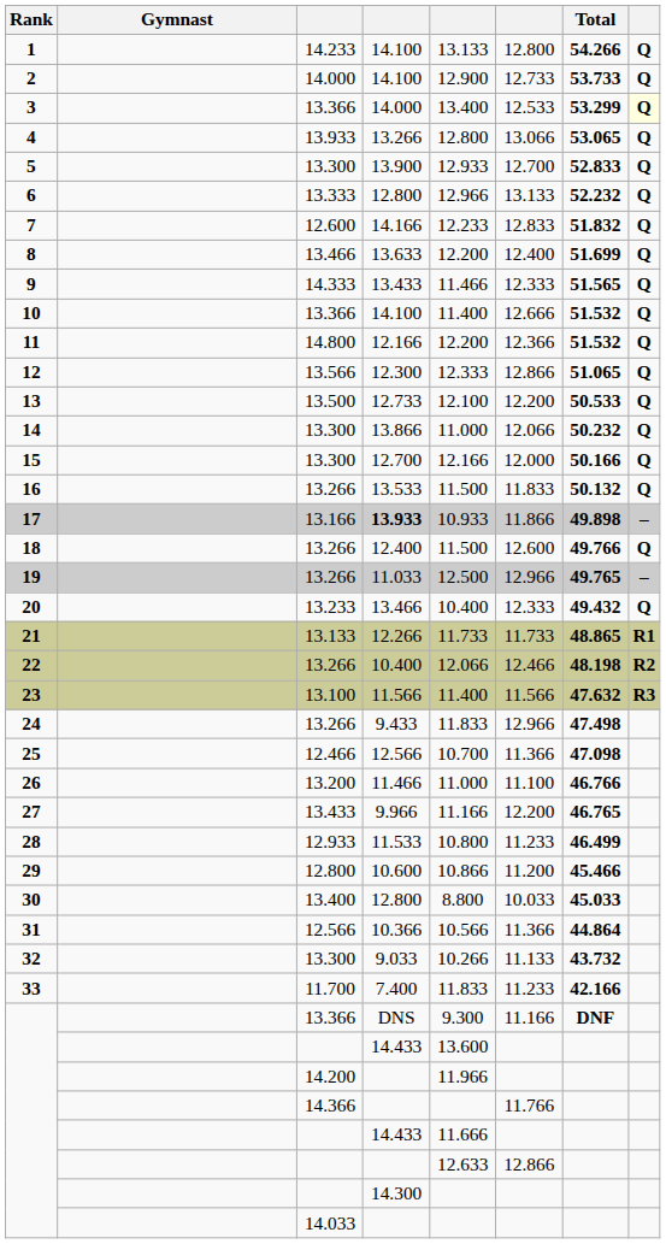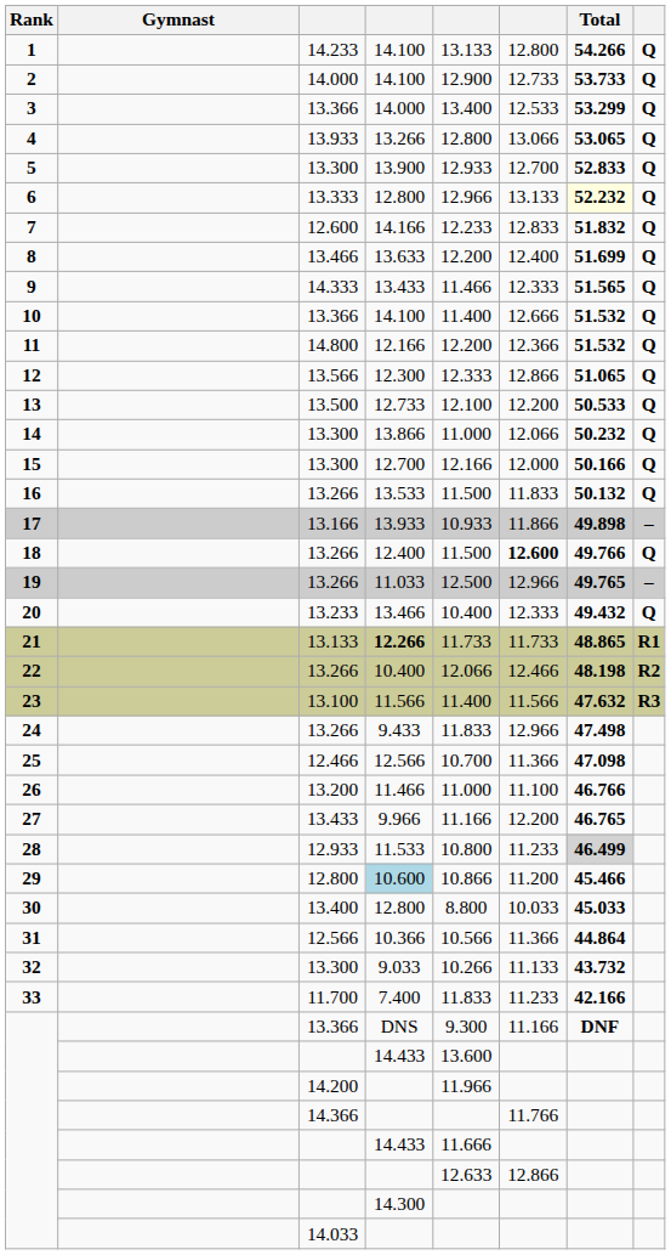 <table class="wikitable sortable" style="text-align:center; font-size:100%">
 <tr>
 <th scope="col" style="width:15px;">Rank</th>
 <th scope="col" style="width:200px;">Gymnast</th>
 <th scope="col" style="width:50px;"></th>
 <th scope="col" style="width:50px;"></th>
 <th scope="col" style="width:50px;"></th>
 <th scope="col" style="width:50px;"></th>
 <th scope="col" style="width:50px;">Total</th>
 <th scope="col" style="width:15px;"></th>
 </tr>
 <tr>
 <td scope="row" style="text-align:center;"><strong>1</strong></td>
 <td style="text-align:left;"></td>
 <td>14.233</td>
 <td>14.100</td>
 <td>13.133</td>
 <td>12.800</td>
 <td><strong>54.266</strong></td>
 <td><strong>Q</strong></td>
 </tr>
 <tr>
 <td scope="row" style="text-align:center;"><strong>2</strong></td>
 <td style="text-align:left;"></td>
 <td>14.000</td>
 <td>14.100</td>
 <td>12.900</td>
 <td>12.733</td>
 <td><strong>53.733</strong></td>
 <td><strong>Q</strong></td>
 </tr>
 <tr>
 <td scope="row" style="text-align:center;"><strong>3</strong></td>
 <td style="text-align:left;"></td>
 <td>13.366</td>
 <td>14.000</td>
 <td>13.400</td>
 <td>12.533</td>
 <td><strong>53.299</strong></td>
-<td style="background: lightyellow;"><strong>Q</strong></td>
+<td><strong>Q</strong></td>
 </tr>
 <tr>
 <td scope="row" style="text-align:center;"><strong>4</strong></td>
 <td style="text-align:left;"></td>
 <td>13.933</td>
 <td>13.266</td>
 <td>12.800</td>
 <td>13.066</td>
 <td><strong>53.065</strong></td>
 <td><strong>Q</strong></td>
 </tr>
 <tr>
 <td scope="row" style="text-align:center;"><strong>5</strong></td>
 <td style="text-align:left;"></td>
 <td>13.300</td>
 <td>13.900</td>
 <td>12.933</td>
 <td>12.700</td>
 <td><strong>52.833</strong></td>
 <td><strong>Q</strong></td>
 </tr>
 <tr>
 <td scope="row" style="text-align:center;"><strong>6</strong></td>
 <td style="text-align:left;"></td>
 <td>13.333</td>
 <td>12.800</td>
 <td>12.966</td>
 <td>13.133</td>
-<td><strong>52.232</strong></td>
+<td style="background: lightyellow;"><strong>52.232</strong></td>
 <td><strong>Q</strong></td>
 </tr>
 <tr>
 <td scope="row" style="text-align:center;"><strong>7</strong></td>
 <td style="text-align:left;"></td>
 <td>12.600</td>
 <td>14.166</td>
 <td>12.233</td>
 <td>12.833</td>
 <td><strong>51.832</strong></td>
 <td><strong>Q</strong></td>
 </tr>
 <tr>
 <td scope="row" style="text-align:center;"><strong>8</strong></td>
 <td style="text-align:left;"></td>
 <td>13.466</td>
 <td>13.633</td>
 <td>12.200</td>
 <td>12.400</td>
 <td><strong>51.699</strong></td>
 <td><strong>Q</strong></td>
 </tr>
 <tr>
 <td scope="row" style="text-align:center;"><strong>9</strong></td>
 <td style="text-align:left;"></td>
 <td>14.333</td>
 <td>13.433</td>
 <td>11.466</td>
 <td>12.333</td>
 <td><strong>51.565</strong></td>
 <td><strong>Q</strong></td>
 </tr>
 <tr>
 <td scope="row" style="text-align:center;"><strong>10</strong></td>
 <td style="text-align:left;"></td>
 <td>13.366</td>
 <td>14.100</td>
 <td>11.400</td>
 <td>12.666</td>
 <td><strong>51.532</strong></td>
 <td><strong>Q</strong></td>
 </tr>
 <tr>
 <td scope="row" style="text-align:center;"><strong>11</strong></td>
 <td style="text-align:left;"></td>
 <td>14.800</td>
 <td>12.166</td>
 <td>12.200</td>
 <td>12.366</td>
 <td><strong>51.532</strong></td>
 <td><strong>Q</strong></td>
 </tr>
 <tr>
 <td scope="row" style="text-align:center;"><strong>12</strong></td>
 <td style="text-align:left;"></td>
 <td>13.566</td>
 <td>12.300</td>
 <td>12.333</td>
 <td>12.866</td>
 <td><strong>51.065</strong></td>
 <td><strong>Q</strong></td>
 </tr>
 <tr>
 <td scope="row" style="text-align:center;"><strong>13</strong></td>
 <td style="text-align:left;"></td>
 <td>13.500</td>
 <td>12.733</td>
 <td>12.100</td>
 <td>12.200</td>
 <td><strong>50.533</strong></td>
 <td><strong>Q</strong></td>
 </tr>
 <tr>
 <td scope="row" style="text-align:center;"><strong>14</strong></td>
 <td style="text-align:left;"></td>
 <td>13.300</td>
 <td>13.866</td>
 <td>11.000</td>
 <td>12.066</td>
 <td><strong>50.232</strong></td>
 <td><strong>Q</strong></td>
 </tr>
 <tr>
 <td scope="row" style="text-align:center;"><strong>15</strong></td>
 <td style="text-align:left;"></td>
 <td>13.300</td>
 <td>12.700</td>
 <td>12.166</td>
 <td>12.000</td>
 <td><strong>50.166</strong></td>
 <td><strong>Q</strong></td>
 </tr>
 <tr>
 <td scope="row" style="text-align:center;"><strong>16</strong></td>
 <td style="text-align:left;"></td>
 <td>13.266</td>
 <td>13.533</td>
 <td>11.500</td>
 <td>11.833</td>
 <td><strong>50.132</strong></td>
 <td><strong>Q</strong></td>
 </tr>
 <tr style="background:#cccccc;">
 <td scope="row" style="text-align:center;"><strong>17</strong></td>
 <td style="text-align:left;"></td>
 <td>13.166</td>
-<td><strong>13.933</strong></td>
+<td>13.933</td>
 <td>10.933</td>
 <td>11.866</td>
 <td><strong>49.898</strong></td>
 <td><strong>–</strong></td>
 </tr>
 <tr>
 <td scope="row" style="text-align:center;"><strong>18</strong></td>
 <td style="text-align:left;"></td>
 <td>13.266</td>
 <td>12.400</td>
 <td>11.500</td>
-<td>12.600</td>
+<td><strong>12.600</strong></td>
 <td><strong>49.766</strong></td>
 <td><strong>Q</strong></td>
 </tr>
 <tr style="background:#cccccc;">
 <td scope="row" style="text-align:center;"><strong>19</strong></td>
 <td style="text-align:left;"></td>
 <td>13.266</td>
 <td>11.033</td>
 <td>12.500</td>
 <td>12.966</td>
 <td><strong>49.765</strong></td>
 <td><strong>–</strong></td>
 </tr>
 <tr>
 <td scope="row" style="text-align:center;"><strong>20</strong></td>
 <td style="text-align:left;"></td>
 <td>13.233</td>
 <td>13.466</td>
 <td>10.400</td>
 <td>12.333</td>
 <td><strong>49.432</strong></td>
 <td><strong>Q</strong></td>
 </tr>
 <tr style="background:#cccc99;">
 <td scope="row" style="text-align:center;"><strong>21</strong></td>
 <td style="text-align:left;"></td>
 <td>13.133</td>
-<td>12.266</td>
+<td><strong>12.266</strong></td>
 <td>11.733</td>
 <td>11.733</td>
 <td><strong>48.865</strong></td>
 <td><strong>R1</strong></td>
 </tr>
 <tr style="background:#cccc99;">
 <td scope="row" style="text-align:center;"><strong>22</strong></td>
 <td style="text-align:left;"></td>
 <td>13.266</td>
 <td>10.400</td>
 <td>12.066</td>
 <td>12.466</td>
 <td><strong>48.198</strong></td>
 <td><strong>R2</strong></td>
 </tr>
 <tr style="background:#cccc99;">
 <td scope="row" style="text-align:center;"><strong>23</strong></td>
 <td style="text-align:left;"></td>
 <td>13.100</td>
 <td>11.566</td>
 <td>11.400</td>
 <td>11.566</td>
 <td><strong>47.632</strong></td>
 <td><strong>R3</strong></td>
 </tr>
 <tr>
 <td scope="row" style="text-align:center;"><strong>24</strong></td>
 <td style="text-align:left;"></td>
 <td>13.266</td>
 <td>9.433</td>
 <td>11.833</td>
 <td>12.966</td>
 <td><strong>47.498</strong></td>
 <td></td>
 </tr>
 <tr>
 <td scope="row" style="text-align:center;"><strong>25</strong></td>
 <td style="text-align:left;"></td>
 <td>12.466</td>
 <td>12.566</td>
 <td>10.700</td>
 <td>11.366</td>
 <td><strong>47.098</strong></td>
 <td></td>
 </tr>
 <tr>
 <td scope="row" style="text-align:center;"><strong>26</strong></td>
 <td style="text-align:left;"></td>
 <td>13.200</td>
 <td>11.466</td>
 <td>11.000</td>
 <td>11.100</td>
 <td><strong>46.766</strong></td>
 <td></td>
 </tr>
 <tr>
 <td scope="row" style="text-align:center;"><strong>27</strong></td>
 <td style="text-align:left;"></td>
 <td>13.433</td>
 <td>9.966</td>
 <td>11.166</td>
 <td>12.200</td>
 <td><strong>46.765</strong></td>
 <td></td>
 </tr>
 <tr>
 <td scope="row" style="text-align:center;"><strong>28</strong></td>
 <td style="text-align:left;"></td>
 <td>12.933</td>
 <td>11.533</td>
 <td>10.800</td>
 <td>11.233</td>
-<td><strong>46.499</strong></td>
+<td style="background: lightgrey;"><strong>46.499</strong></td>
 <td></td>
 </tr>
 <tr>
 <td scope="row" style="text-align:center;"><strong>29</strong></td>
 <td style="text-align:left;"></td>
 <td>12.800</td>
-<td>10.600</td>
+<td style="background: lightblue;">10.600</td>
 <td>10.866</td>
 <td>11.200</td>
 <td><strong>45.466</strong></td>
 <td></td>
 </tr>
 <tr>
 <td scope="row" style="text-align:center;"><strong>30</strong></td>
 <td style="text-align:left;"></td>
 <td>13.400</td>
 <td>12.800</td>
 <td>8.800</td>
 <td>10.033</td>
 <td><strong>45.033</strong></td>
 <td></td>
 </tr>
 <tr>
 <td scope="row" style="text-align:center;"><strong>31</strong></td>
 <td style="text-align:left;"></td>
 <td>12.566</td>
 <td>10.366</td>
 <td>10.566</td>
 <td>11.366</td>
 <td><strong>44.864</strong></td>
 <td></td>
 </tr>
 <tr>
 <td scope="row" style="text-align:center;"><strong>32</strong></td>
 <td style="text-align:left;"></td>
 <td>13.300</td>
 <td>9.033</td>
 <td>10.266</td>
 <td>11.133</td>
 <td><strong>43.732</strong></td>
 <td></td>
 </tr>
 <tr>
 <td scope="row" style="text-align:center;"><strong>33</strong></td>
 <td style="text-align:left;"></td>
 <td>11.700</td>
 <td>7.400</td>
 <td>11.833</td>
 <td>11.233</td>
 <td><strong>42.166</strong></td>
 <td></td>
 </tr>
 <tr>
 <td rowspan="8" scope="row" style="text-align:center;"></td>
 <td style="text-align:left;"></td>
 <td>13.366</td>
 <td>DNS</td>
 <td>9.300</td>
 <td>11.166</td>
 <td><strong>DNF</strong></td>
 <td></td>
 </tr>
 <tr>
 <td style="text-align:left;"></td>
 <td></td>
 <td>14.433</td>
 <td>13.600</td>
 <td></td>
 <td></td>
 <td></td>
 </tr>
 <tr>
 <td style="text-align:left;"></td>
 <td>14.200</td>
 <td></td>
 <td>11.966</td>
 <td></td>
 <td></td>
 <td></td>
 </tr>
 <tr>
 <td style="text-align:left;"></td>
 <td>14.366</td>
 <td></td>
 <td></td>
 <td>11.766</td>
 <td></td>
 <td></td>
 </tr>
 <tr>
 <td style="text-align:left;"></td>
 <td></td>
 <td>14.433</td>
 <td>11.666</td>
 <td></td>
 <td></td>
 <td></td>
 </tr>
 <tr>
 <td style="text-align:left;"></td>
 <td></td>
 <td></td>
 <td>12.633</td>
 <td>12.866</td>
 <td></td>
 <td></td>
 </tr>
 <tr>
 <td style="text-align:left;"></td>
 <td></td>
 <td>14.300</td>
 <td></td>
 <td></td>
 <td></td>
 <td></td>
 </tr>
 <tr>
 <td style="text-align:left;"></td>
 <td>14.033</td>
 <td></td>
 <td></td>
 <td></td>
 <td></td>
 <td></td>
 </tr>
 </table>
